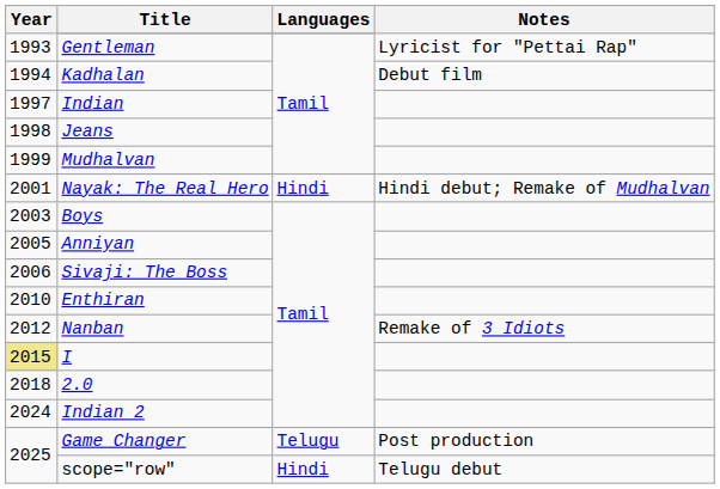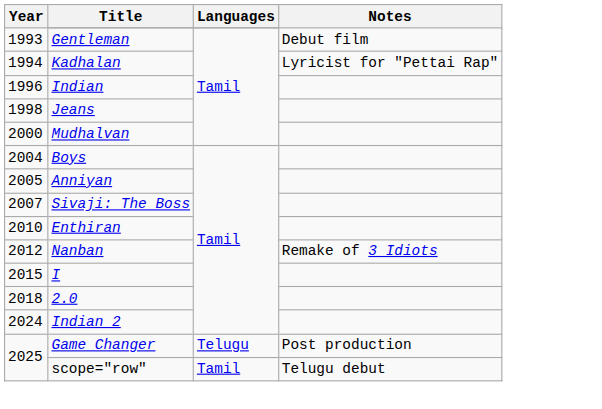 <table class="wikitable sortable">
 <tr>
 <th scope="col" rowspan="2" style="width:33px;">Year</th>
 <th scope="col">Title</th>
 <th scope="col">Languages</th>
 <th scope="col" rowspan="2" class="unsortable">Notes</th>
 </tr>
 <tr>
 </tr>
 <tr>
 <td>1993</td>
 <td style="text-align:left;"><em><a href='#'>Gentleman</a></em></td>
 <td rowspan="5"><a href='#'>Tamil</a></td>
-<td>Lyricist for "Pettai Rap"</td>
+<td>Debut film</td>
 </tr>
 <tr>
 <td rowspan="1">1994</td>
 <td style="text-align:left;"><em><a href='#'>Kadhalan</a></em></td>
-<td>Debut film</td>
+<td>Lyricist for "Pettai Rap"</td>
 </tr>
 <tr>
-<td>1997</td>
+<td>1996</td>
 <td style="text-align:left;"><em><a href='#'>Indian</a></em></td>
 <td></td>
 </tr>
 <tr>
 <td>1998</td>
 <td style="text-align:left;"><em><a href='#'>Jeans</a></em></td>
 <td></td>
 </tr>
 <tr>
-<td>1999</td>
+<td>2000</td>
 <td style="text-align:left;"><em><a href='#'>Mudhalvan</a></em></td>
 <td></td>
 </tr>
 <tr>
-<td>2001</td>
-<td style="text-align:left;"><em><a href='#'>Nayak: The Real Hero</a></em></td>
-<td><a href='#'>Hindi</a></td>
-<td>Hindi debut; Remake of <em><a href='#'>Mudhalvan</a></em></td>
-</tr>
-<tr>
-<td>2003</td>
+<td>2004</td>
 <td style="text-align:left;"><em><a href='#'>Boys</a></em></td>
 <td rowspan="8"><a href='#'>Tamil</a></td>
 <td></td>
 </tr>
 <tr>
 <td>2005</td>
 <td style="text-align:left;"><em><a href='#'>Anniyan</a></em></td>
 <td></td>
 </tr>
 <tr>
-<td>2006</td>
+<td>2007</td>
 <td style="text-align:left;"><em><a href='#'>Sivaji: The Boss</a></em></td>
 <td></td>
 </tr>
 <tr>
 <td>2010</td>
 <td style="text-align:left;"><em><a href='#'>Enthiran</a></em></td>
 <td></td>
 </tr>
 <tr>
 <td>2012</td>
 <td style="text-align:left;"><em><a href='#'>Nanban</a></em></td>
 <td>Remake of <em><a href='#'>3 Idiots</a></em></td>
 </tr>
 <tr>
-<td style="background: khaki;">2015</td>
+<td>2015</td>
 <td style="text-align:left;"><em><a href='#'>I</a></em></td>
 <td></td>
 </tr>
 <tr>
 <td>2018</td>
 <td style="text-align:left;"><em><a href='#'>2.0</a></em></td>
 <td></td>
 </tr>
 <tr>
 <td>2024</td>
 <td style="text-align:left;"><em><a href='#'>Indian 2</a></em></td>
 <td></td>
 </tr>
 <tr>
 <td rowspan="2">2025</td>
 <td style="text-align:left;"><em><a href='#'>Game Changer</a></em></td>
 <td><a href='#'>Telugu</a></td>
 <td>Post production</td>
 </tr>
 <tr>
 <td>scope="row" </td>
-<td><a href='#'>Hindi</a></td>
+<td><a href='#'>Tamil</a></td>
 <td>Telugu debut</td>
 </tr>
 </table>
